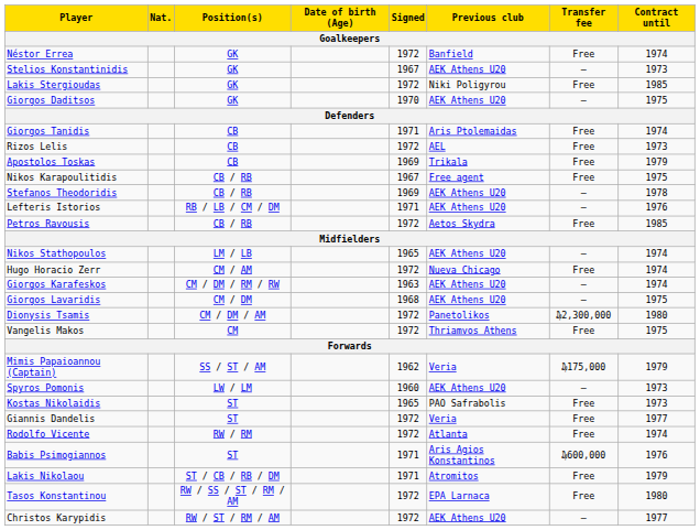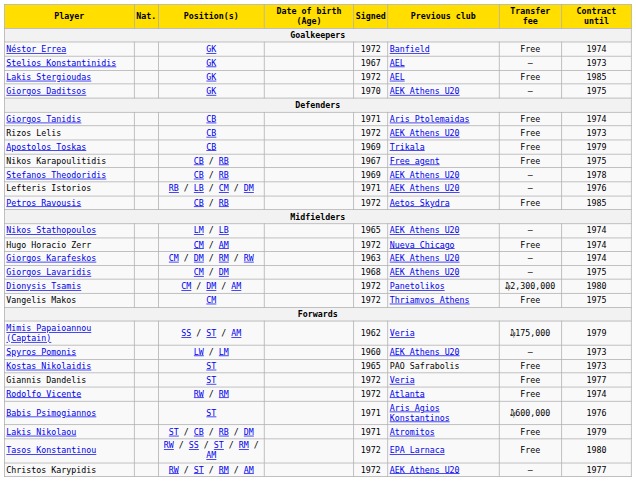 <table class="wikitable" style="text-align:center; font-size:90%;width:100%;">
 <tr>
 <th style="background:#FFDE00">Player</th>
 <th style="background:#FFDE00">Nat.</th>
 <th style="background:#FFDE00">Position(s)</th>
 <th style="background:#FFDE00">Date of birth (Age)</th>
 <th style="background:#FFDE00">Signed</th>
 <th style="background:#FFDE00">Previous club</th>
 <th style="background:#FFDE00">Transfer fee</th>
 <th style="background:#FFDE00">Contract until</th>
 </tr>
 <tr>
 <th colspan="8">Goalkeepers</th>
 </tr>
 <tr>
 <td align=left><a href='#'>Néstor Errea</a></td>
 <td></td>
 <td><a href='#'>GK</a></td>
 <td></td>
 <td>1972</td>
 <td align=left> <a href='#'>Banfield</a></td>
 <td>Free</td>
 <td>1974</td>
 </tr>
 <tr>
 <td align=left><a href='#'>Stelios Konstantinidis</a></td>
 <td></td>
 <td><a href='#'>GK</a></td>
 <td></td>
 <td>1967</td>
-<td align=left> <a href='#'>AEK Athens U20</a></td>
+<td align=left> <a href='#'>AEL</a></td>
 <td>—</td>
 <td>1973</td>
 </tr>
 <tr>
 <td align=left><a href='#'>Lakis Stergioudas</a></td>
 <td></td>
 <td><a href='#'>GK</a></td>
 <td></td>
 <td>1972</td>
-<td align=left> Niki Poligyrou</td>
+<td align=left> <a href='#'>AEL</a></td>
 <td>Free</td>
 <td>1985</td>
 </tr>
 <tr>
 <td align=left><a href='#'>Giorgos Daditsos</a></td>
 <td></td>
 <td><a href='#'>GK</a></td>
 <td></td>
 <td>1970</td>
 <td align=left> <a href='#'>AEK Athens U20</a></td>
 <td>—</td>
 <td>1975</td>
 </tr>
 <tr>
 <th colspan="8">Defenders</th>
 </tr>
 <tr>
 <td align=left><a href='#'>Giorgos Tanidis</a></td>
 <td></td>
 <td><a href='#'>CB</a></td>
 <td></td>
 <td>1971</td>
 <td align=left> <a href='#'>Aris Ptolemaidas</a></td>
 <td>Free</td>
 <td>1974</td>
 </tr>
 <tr>
 <td align=left>Rizos Lelis</td>
 <td></td>
 <td><a href='#'>CB</a></td>
 <td></td>
 <td>1972</td>
-<td align=left> <a href='#'>AEL</a></td>
+<td align=left> <a href='#'>AEK Athens U20</a></td>
 <td>Free</td>
 <td>1973</td>
 </tr>
 <tr>
 <td align=left><a href='#'>Apostolos Toskas</a></td>
 <td></td>
 <td><a href='#'>CB</a></td>
 <td></td>
 <td>1969</td>
 <td align=left> <a href='#'>Trikala</a></td>
 <td>Free</td>
 <td>1979</td>
 </tr>
 <tr>
 <td align=left>Nikos Karapoulitidis</td>
 <td></td>
 <td><a href='#'>CB</a> / <a href='#'>RB</a></td>
 <td></td>
 <td>1967</td>
 <td align=left><a href='#'>Free agent</a></td>
 <td>Free</td>
 <td>1975</td>
 </tr>
 <tr>
 <td align=left><a href='#'>Stefanos Theodoridis</a></td>
 <td></td>
 <td><a href='#'>CB</a> / <a href='#'>RB</a></td>
 <td></td>
 <td>1969</td>
 <td align=left> <a href='#'>AEK Athens U20</a></td>
 <td>—</td>
 <td>1978</td>
 </tr>
 <tr>
 <td align=left>Lefteris Istorios</td>
 <td></td>
 <td><a href='#'>RB</a> / <a href='#'>LB</a> / <a href='#'>CM</a> / <a href='#'>DM</a></td>
 <td></td>
 <td>1971</td>
 <td align=left> <a href='#'>AEK Athens U20</a></td>
 <td>—</td>
 <td>1976</td>
 </tr>
 <tr>
 <td align=left><a href='#'>Petros Ravousis</a></td>
 <td></td>
 <td><a href='#'>CB</a> / <a href='#'>RB</a></td>
 <td></td>
 <td>1972</td>
 <td align=left> <a href='#'>Aetos Skydra</a></td>
 <td>Free</td>
 <td>1985</td>
 </tr>
 <tr>
 <th colspan="8">Midfielders</th>
 </tr>
 <tr>
 <td align=left><a href='#'>Nikos Stathopoulos</a></td>
 <td></td>
 <td><a href='#'>LM</a> / <a href='#'>LB</a></td>
 <td></td>
 <td>1965</td>
 <td align=left> <a href='#'>AEK Athens U20</a></td>
 <td>—</td>
 <td>1974</td>
 </tr>
 <tr>
 <td align=left>Hugo Horacio Zerr</td>
 <td></td>
 <td><a href='#'>CM</a> / <a href='#'>AM</a></td>
 <td></td>
 <td>1972</td>
 <td align=left> <a href='#'>Nueva Chicago</a></td>
 <td>Free</td>
 <td>1974</td>
 </tr>
 <tr>
 <td align=left><a href='#'>Giorgos Karafeskos</a></td>
 <td></td>
 <td><a href='#'>CM</a> / <a href='#'>DM</a> / <a href='#'>RM</a> / <a href='#'>RW</a></td>
 <td></td>
 <td>1963</td>
 <td align=left> <a href='#'>AEK Athens U20</a></td>
 <td>—</td>
 <td>1974</td>
 </tr>
 <tr>
 <td align=left><a href='#'>Giorgos Lavaridis</a></td>
 <td></td>
 <td><a href='#'>CM</a> / <a href='#'>DM</a></td>
 <td></td>
 <td>1968</td>
 <td align=left> <a href='#'>AEK Athens U20</a></td>
 <td>—</td>
 <td>1975</td>
 </tr>
 <tr>
 <td align=left><a href='#'>Dionysis Tsamis</a></td>
 <td></td>
 <td><a href='#'>CM</a> / <a href='#'>DM</a> / <a href='#'>AM</a></td>
 <td></td>
 <td>1972</td>
 <td align=left> <a href='#'>Panetolikos</a></td>
 <td>₯2,300,000</td>
 <td>1980</td>
 </tr>
 <tr>
 <td align=left>Vangelis Makos</td>
 <td></td>
 <td><a href='#'>CM</a></td>
 <td></td>
 <td>1972</td>
 <td align=left> <a href='#'>Thriamvos Athens</a></td>
 <td>Free</td>
 <td>1975</td>
 </tr>
 <tr>
 <th colspan="8">Forwards</th>
 </tr>
 <tr>
 <td align=left><a href='#'>Mimis Papaioannou</a> <a href='#'>(Captain)</a></td>
 <td></td>
 <td><a href='#'>SS</a> / <a href='#'>ST</a> / <a href='#'>AM</a></td>
 <td></td>
 <td>1962</td>
 <td align=left> <a href='#'>Veria</a></td>
 <td>₯175,000</td>
 <td>1979</td>
 </tr>
 <tr>
 <td align=left><a href='#'>Spyros Pomonis</a></td>
 <td></td>
 <td><a href='#'>LW</a> / <a href='#'>LM</a></td>
 <td></td>
 <td>1960</td>
 <td align=left> <a href='#'>AEK Athens U20</a></td>
 <td>—</td>
 <td>1973</td>
 </tr>
 <tr>
 <td align=left><a href='#'>Kostas Nikolaidis</a></td>
 <td></td>
 <td><a href='#'>ST</a></td>
 <td></td>
 <td>1965</td>
 <td align=left> PAO Safrabolis</td>
 <td>Free</td>
 <td>1973</td>
 </tr>
 <tr>
 <td align=left>Giannis Dandelis</td>
 <td></td>
 <td><a href='#'>ST</a></td>
 <td></td>
 <td>1972</td>
 <td align=left> <a href='#'>Veria</a></td>
 <td>Free</td>
 <td>1977</td>
 </tr>
 <tr>
 <td align=left><a href='#'>Rodolfo Vicente</a></td>
 <td></td>
 <td><a href='#'>RW</a> / <a href='#'>RM</a></td>
 <td></td>
 <td>1972</td>
 <td align=left> <a href='#'>Atlanta</a></td>
 <td>Free</td>
 <td>1974</td>
 </tr>
 <tr>
 <td align=left><a href='#'>Babis Psimogiannos</a></td>
 <td></td>
 <td><a href='#'>ST</a></td>
 <td></td>
 <td>1971</td>
 <td align=left> <a href='#'>Aris Agios Konstantinos</a></td>
 <td>₯600,000</td>
 <td>1976</td>
 </tr>
 <tr>
 <td align=left><a href='#'>Lakis Nikolaou</a></td>
 <td></td>
 <td><a href='#'>ST</a> / <a href='#'>CB</a> / <a href='#'>RB</a> / <a href='#'>DM</a></td>
 <td></td>
 <td>1971</td>
 <td align=left> <a href='#'>Atromitos</a></td>
 <td>Free</td>
 <td>1979</td>
 </tr>
 <tr>
 <td align=left><a href='#'>Tasos Konstantinou</a></td>
 <td></td>
 <td><a href='#'>RW</a> / <a href='#'>SS</a> / <a href='#'>ST</a> / <a href='#'>RM</a> / <a href='#'>AM</a></td>
 <td></td>
 <td>1972</td>
 <td align=left> <a href='#'>EPA Larnaca</a></td>
 <td>Free</td>
 <td>1980</td>
 </tr>
 <tr>
 <td align=left>Christos Karypidis</td>
 <td></td>
 <td><a href='#'>RW</a> / <a href='#'>ST</a> / <a href='#'>RM</a> / <a href='#'>AM</a></td>
 <td></td>
 <td>1972</td>
 <td align=left> <a href='#'>AEK Athens U20</a></td>
 <td>—</td>
 <td>1977</td>
 </tr>
 </table>
